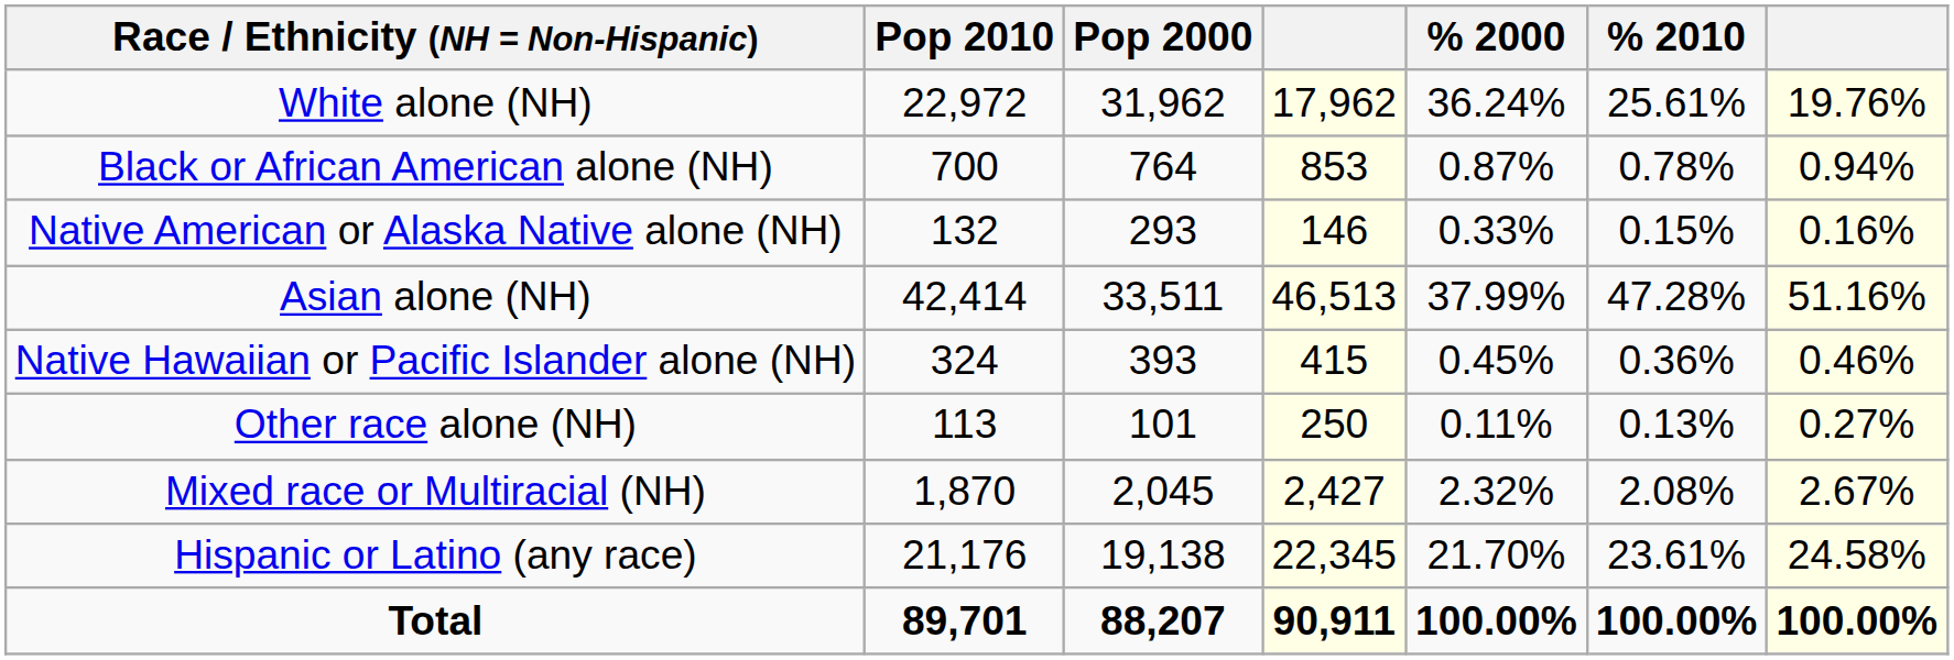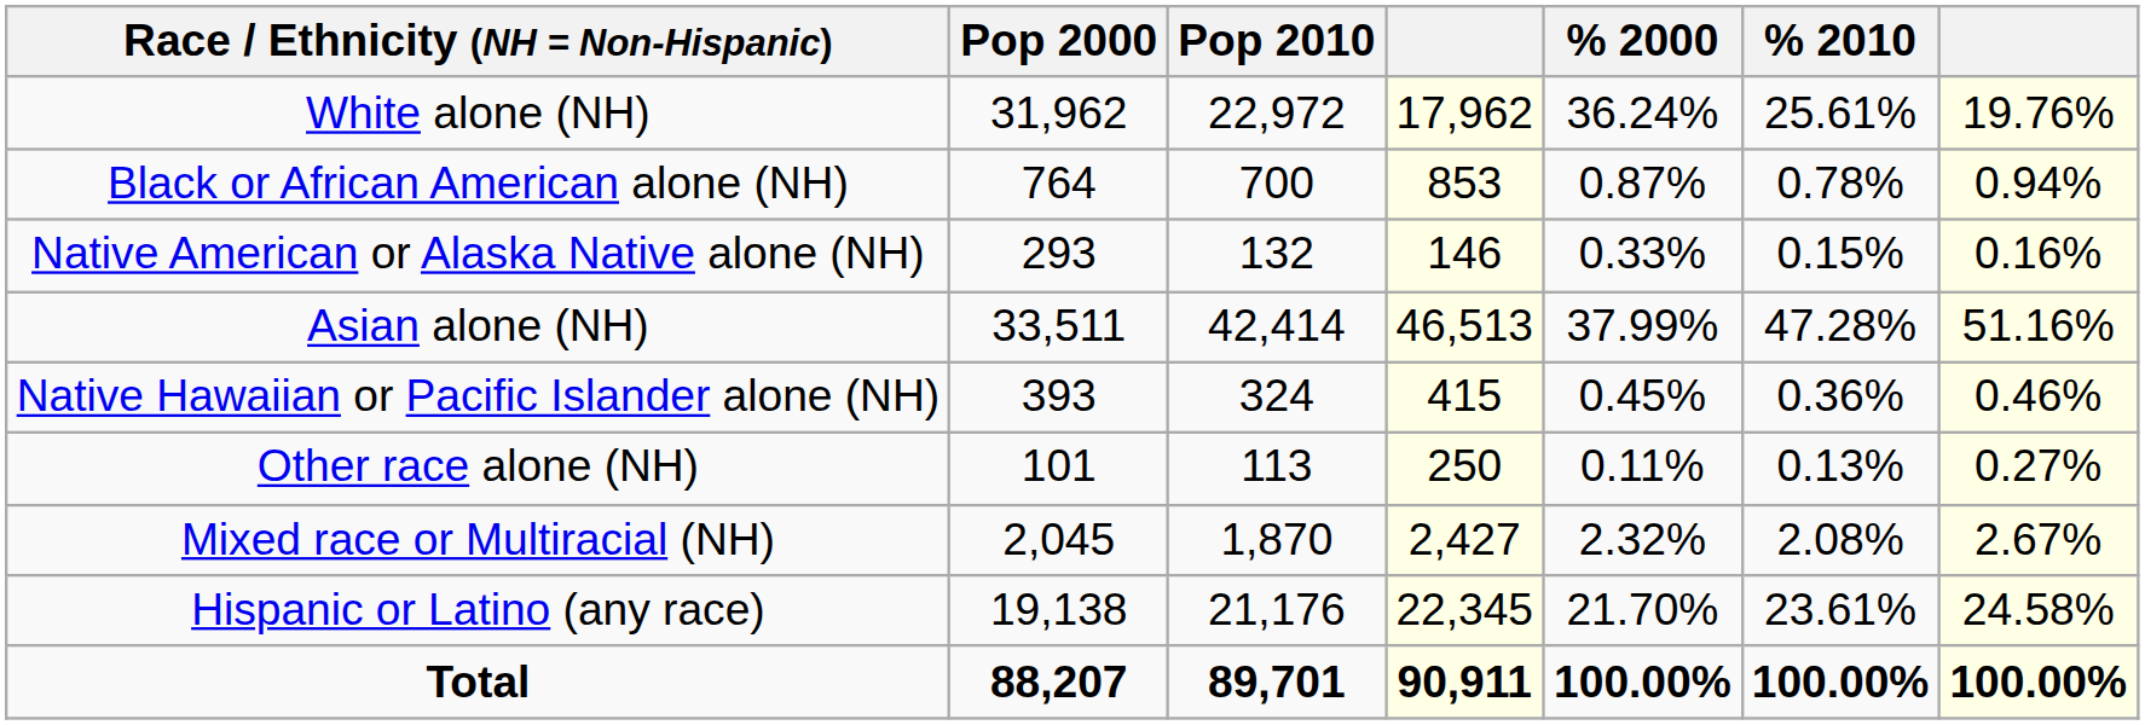 <table class="wikitable" style="text-align:center;">
 <tr>
 <th>Race / Ethnicity <small>(<em>NH = Non-Hispanic</em>)</small></th>
+<th>Pop 2000</th>
 <th>Pop 2010</th>
-<th>Pop 2000</th>
 <th></th>
 <th>% 2000</th>
 <th>% 2010</th>
 <th></th>
 </tr>
 <tr>
 <td><a href='#'>White</a> alone (NH)</td>
+<td>31,962</td>
 <td>22,972</td>
-<td>31,962</td>
 <td style='background: #ffffe6;'>17,962</td>
 <td>36.24%</td>
 <td>25.61%</td>
 <td style='background: #ffffe6;'>19.76%</td>
 </tr>
 <tr>
 <td><a href='#'>Black or African American</a> alone (NH)</td>
+<td>764</td>
 <td>700</td>
-<td>764</td>
 <td style='background: #ffffe6;'>853</td>
 <td>0.87%</td>
 <td>0.78%</td>
 <td style='background: #ffffe6;'>0.94%</td>
 </tr>
 <tr>
 <td><a href='#'>Native American</a> or <a href='#'>Alaska Native</a> alone (NH)</td>
+<td>293</td>
 <td>132</td>
-<td>293</td>
 <td style='background: #ffffe6;'>146</td>
 <td>0.33%</td>
 <td>0.15%</td>
 <td style='background: #ffffe6;'>0.16%</td>
 </tr>
 <tr>
 <td><a href='#'>Asian</a> alone (NH)</td>
+<td>33,511</td>
 <td>42,414</td>
-<td>33,511</td>
 <td style='background: #ffffe6;'>46,513</td>
 <td>37.99%</td>
 <td>47.28%</td>
 <td style='background: #ffffe6;'>51.16%</td>
 </tr>
 <tr>
 <td><a href='#'>Native Hawaiian</a> or <a href='#'>Pacific Islander</a> alone (NH)</td>
+<td>393</td>
 <td>324</td>
-<td>393</td>
 <td style='background: #ffffe6;'>415</td>
 <td>0.45%</td>
 <td>0.36%</td>
 <td style='background: #ffffe6;'>0.46%</td>
 </tr>
 <tr>
 <td><a href='#'>Other race</a> alone (NH)</td>
+<td>101</td>
 <td>113</td>
-<td>101</td>
 <td style='background: #ffffe6;'>250</td>
 <td>0.11%</td>
 <td>0.13%</td>
 <td style='background: #ffffe6;'>0.27%</td>
 </tr>
 <tr>
 <td><a href='#'>Mixed race or Multiracial</a> (NH)</td>
+<td>2,045</td>
 <td>1,870</td>
-<td>2,045</td>
 <td style='background: #ffffe6;'>2,427</td>
 <td>2.32%</td>
 <td>2.08%</td>
 <td style='background: #ffffe6;'>2.67%</td>
 </tr>
 <tr>
 <td><a href='#'>Hispanic or Latino</a> (any race)</td>
+<td>19,138</td>
 <td>21,176</td>
-<td>19,138</td>
 <td style='background: #ffffe6;'>22,345</td>
 <td>21.70%</td>
 <td>23.61%</td>
 <td style='background: #ffffe6;'>24.58%</td>
 </tr>
 <tr>
 <td><strong>Total</strong></td>
+<td><strong>88,207</strong></td>
 <td><strong>89,701</strong></td>
-<td><strong>88,207</strong></td>
 <td style='background: #ffffe6;'><strong>90,911</strong></td>
 <td><strong>100.00%</strong></td>
 <td><strong>100.00%</strong></td>
 <td style='background: #ffffe6;'><strong>100.00%</strong></td>
 </tr>
 </table>
